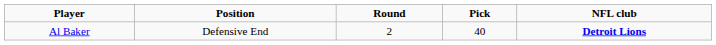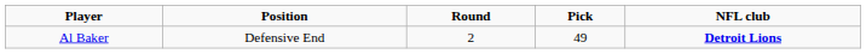 <table class="wikitable" width="80%">
 <tr align="center">
 <td><strong>Player</strong></td>
 <td><strong>Position</strong></td>
 <td><strong>Round</strong></td>
 <td><strong>Pick</strong></td>
 <td><strong>NFL club</strong></td>
 </tr>
 <tr align="center" bgcolor="">
 <td><a href='#'>Al Baker</a></td>
 <td>Defensive End</td>
 <td>2</td>
-<td>40</td>
+<td>49</td>
 <td><strong><a href='#'>Detroit Lions</a></strong></td>
 </tr>
 </table>
